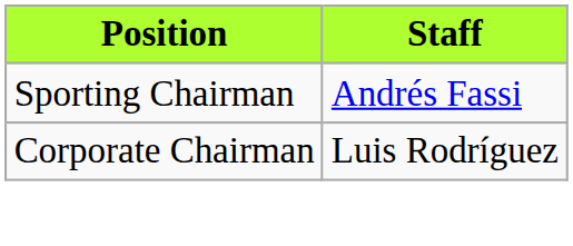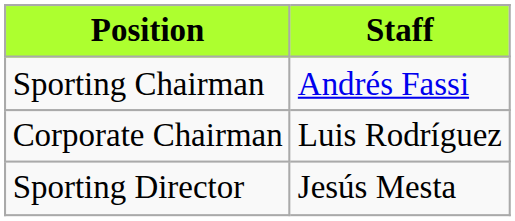 <table class="wikitable">
 <tr>
 <th style=background-color:#ADFF2F;color:Black>Position</th>
 <th style=background-color:#ADFF2F;color:Black>Staff</th>
 </tr>
 <tr>
 <td>Sporting Chairman</td>
 <td> <a href='#'>Andrés Fassi</a></td>
 </tr>
 <tr>
 <td>Corporate Chairman</td>
 <td> Luis Rodríguez</td>
 </tr>
+<tr>
+<td>Sporting Director</td>
+<td> Jesús Mesta</td>
+</tr>
 </table>
